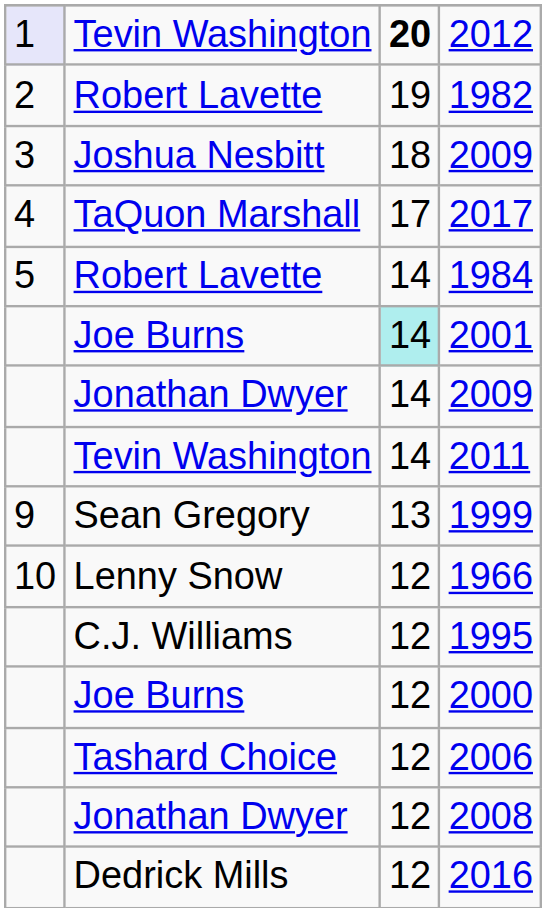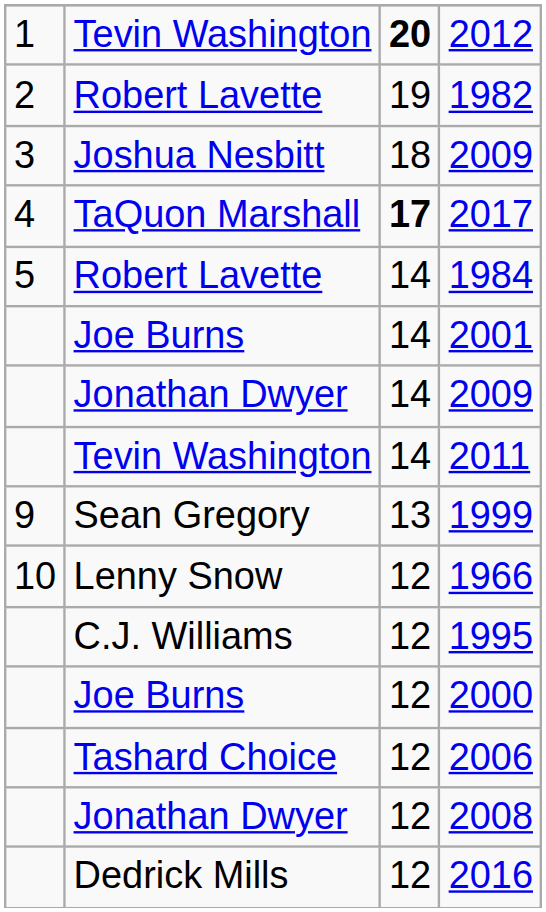 <table class="wikitable">
 <tr>
 </tr>
 <tr>
-<td style="background: lavender;">1</td>
+<td>1</td>
 <td><a href='#'>Tevin Washington</a></td>
 <td><strong>20</strong></td>
 <td><a href='#'>2012</a></td>
 </tr>
 <tr>
 <td>2</td>
 <td><a href='#'>Robert Lavette</a></td>
 <td>19</td>
 <td><a href='#'>1982</a></td>
 </tr>
 <tr>
 <td>3</td>
 <td><a href='#'>Joshua Nesbitt</a></td>
 <td>18</td>
 <td><a href='#'>2009</a></td>
 </tr>
 <tr>
 <td>4</td>
 <td><a href='#'>TaQuon Marshall</a></td>
-<td>17</td>
+<td><strong>17</strong></td>
 <td><a href='#'>2017</a></td>
 </tr>
 <tr>
 <td>5</td>
 <td><a href='#'>Robert Lavette</a></td>
 <td>14</td>
 <td><a href='#'>1984</a></td>
 </tr>
 <tr>
 <td></td>
 <td><a href='#'>Joe Burns</a></td>
-<td style="background: paleturquoise;">14</td>
+<td>14</td>
 <td><a href='#'>2001</a></td>
 </tr>
 <tr>
 <td></td>
 <td><a href='#'>Jonathan Dwyer</a></td>
 <td>14</td>
 <td><a href='#'>2009</a></td>
 </tr>
 <tr>
 <td></td>
 <td><a href='#'>Tevin Washington</a></td>
 <td>14</td>
 <td><a href='#'>2011</a></td>
 </tr>
 <tr>
 <td>9</td>
 <td>Sean Gregory</td>
 <td>13</td>
 <td><a href='#'>1999</a></td>
 </tr>
 <tr>
 <td>10</td>
 <td>Lenny Snow</td>
 <td>12</td>
 <td><a href='#'>1966</a></td>
 </tr>
 <tr>
 <td></td>
 <td>C.J. Williams</td>
 <td>12</td>
 <td><a href='#'>1995</a></td>
 </tr>
 <tr>
 <td></td>
 <td><a href='#'>Joe Burns</a></td>
 <td>12</td>
 <td><a href='#'>2000</a></td>
 </tr>
 <tr>
 <td></td>
 <td><a href='#'>Tashard Choice</a></td>
 <td>12</td>
 <td><a href='#'>2006</a></td>
 </tr>
 <tr>
 <td></td>
 <td><a href='#'>Jonathan Dwyer</a></td>
 <td>12</td>
 <td><a href='#'>2008</a></td>
 </tr>
 <tr>
 <td></td>
 <td>Dedrick Mills</td>
 <td>12</td>
 <td><a href='#'>2016</a></td>
 </tr>
 </table>
